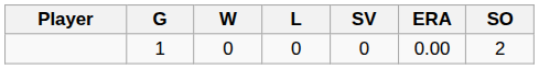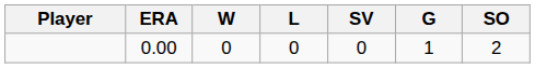 <table class="wikitable sortable">
 <tr>
 <th bgcolor="#DDDDFF" width="16%">Player</th>
-<th bgcolor="#DDDDFF" width="9%">G</th>
+<th bgcolor="#DDDDFF" width="9%">ERA</th>
 <th bgcolor="#DDDDFF" width="9%">W</th>
 <th bgcolor="#DDDDFF" width="9%">L</th>
 <th bgcolor="#DDDDFF" width="9%">SV</th>
-<th bgcolor="#DDDDFF" width="9%">ERA</th>
+<th bgcolor="#DDDDFF" width="9%">G</th>
 <th bgcolor="#DDDDFF" width="9%">SO</th>
 </tr>
 <tr align="center">
 <td></td>
-<td>1</td>
+<td>0.00</td>
 <td>0</td>
 <td>0</td>
 <td>0</td>
-<td>0.00</td>
+<td>1</td>
 <td>2</td>
 </tr>
 </table>
